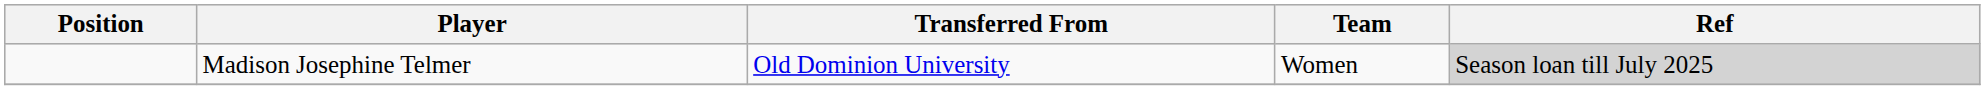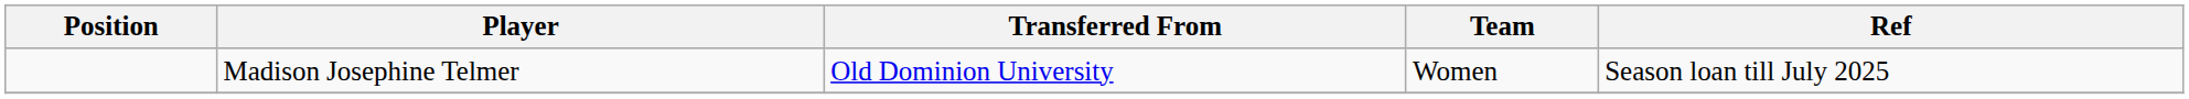 <table class="wikitable sortable" style="width:80%; text-align:center; font-size:100%; text-align:left;">
 <tr>
 <th>Position</th>
 <th>Player</th>
 <th>Transferred From</th>
 <th>Team</th>
 <th>Ref</th>
 </tr>
 <tr>
 <td></td>
 <td> Madison Josephine Telmer</td>
 <td> <a href='#'>Old Dominion University</a></td>
 <td>Women</td>
-<td style="background: lightgrey;">Season loan till July 2025</td>
+<td>Season loan till July 2025</td>
 </tr>
 <tr>
 </tr>
 </table>
